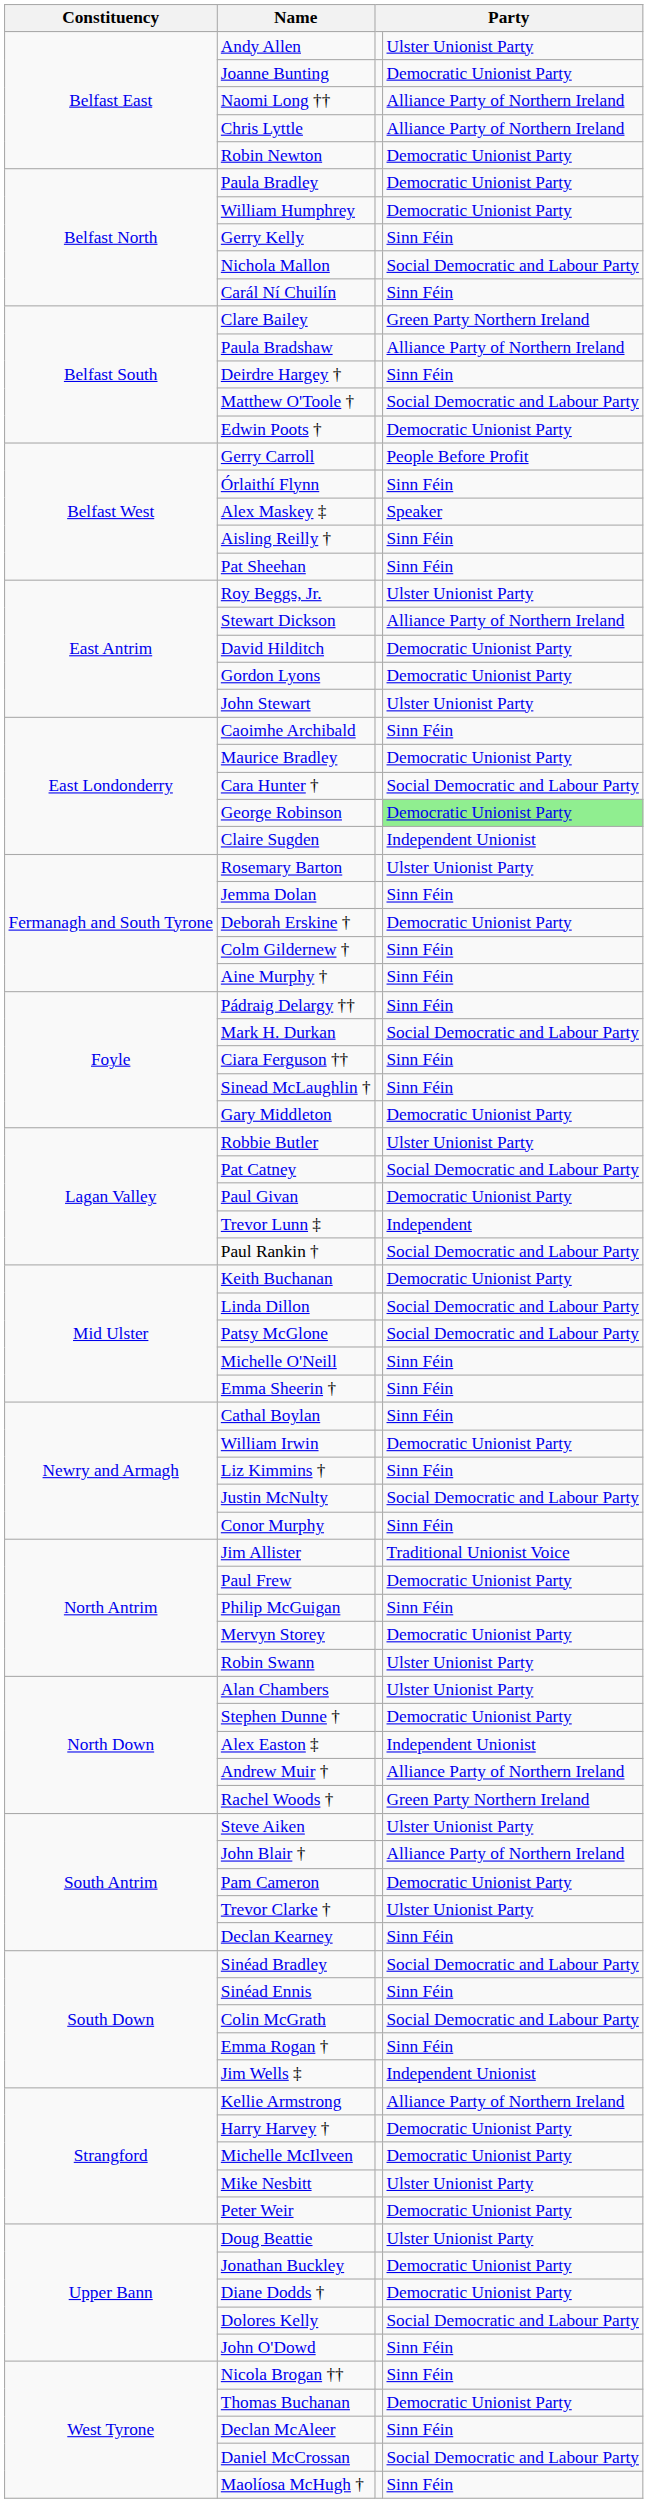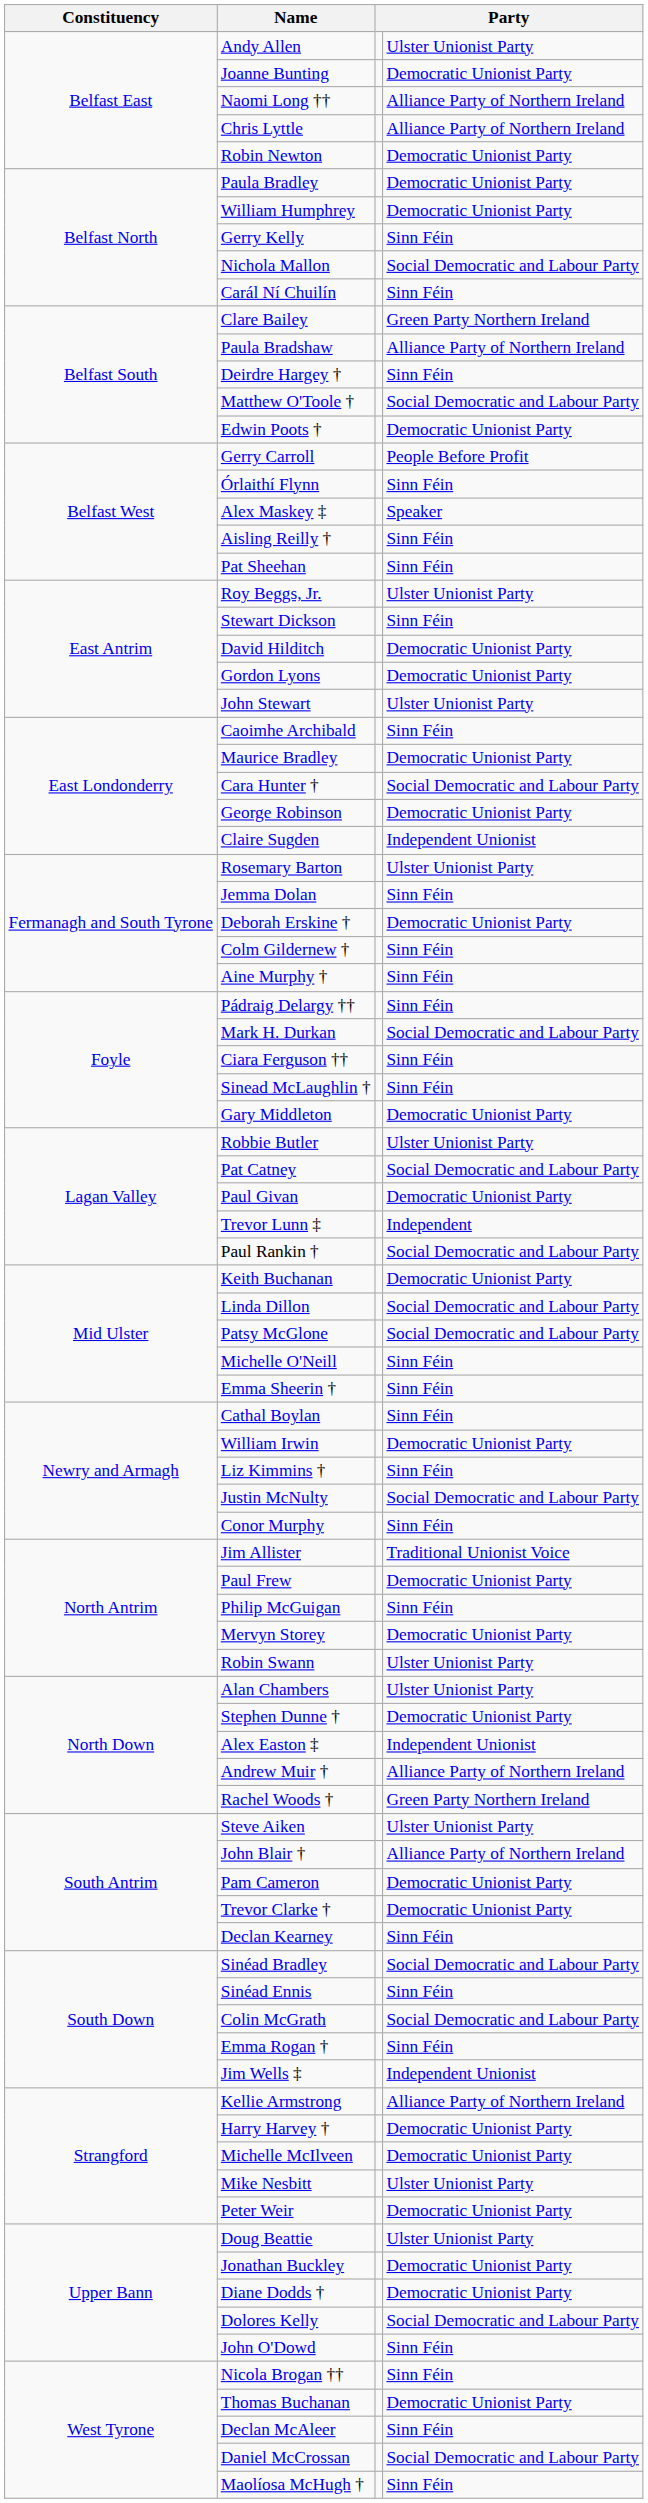 <table class="wikitable">
 <tr>
 <th>Constituency</th>
 <th>Name</th>
 <th colspan="2">Party</th>
 </tr>
 <tr>
 <td rowspan="5" style="text-align:center;"><a href='#'>Belfast East</a><br></td>
 <td><a href='#'>Andy Allen</a></td>
 <td style="background-color: "></td>
 <td><a href='#'>Ulster Unionist Party</a></td>
 </tr>
 <tr>
 <td><a href='#'>Joanne Bunting</a></td>
 <td style="background-color: "></td>
 <td><a href='#'>Democratic Unionist Party</a></td>
 </tr>
 <tr>
 <td><a href='#'>Naomi Long</a> ††</td>
 <td style="background-color: "></td>
 <td><a href='#'>Alliance Party of Northern Ireland</a></td>
 </tr>
 <tr>
 <td><a href='#'>Chris Lyttle</a></td>
 <td style="background-color: "></td>
 <td><a href='#'>Alliance Party of Northern Ireland</a></td>
 </tr>
 <tr>
 <td><a href='#'>Robin Newton</a></td>
 <td style="background-color: "></td>
 <td><a href='#'>Democratic Unionist Party</a></td>
 </tr>
 <tr>
 <td rowspan="5" style="text-align:center;"><a href='#'>Belfast North</a><br></td>
 <td><a href='#'>Paula Bradley</a></td>
 <td style="background-color: "></td>
 <td><a href='#'>Democratic Unionist Party</a></td>
 </tr>
 <tr>
 <td><a href='#'>William Humphrey</a></td>
 <td style="background-color: "></td>
 <td><a href='#'>Democratic Unionist Party</a></td>
 </tr>
 <tr>
 <td><a href='#'>Gerry Kelly</a></td>
 <td style="background-color: "></td>
 <td><a href='#'>Sinn Féin</a></td>
 </tr>
 <tr>
 <td><a href='#'>Nichola Mallon</a></td>
 <td style="background-color: "></td>
 <td><a href='#'>Social Democratic and Labour Party</a></td>
 </tr>
 <tr>
 <td><a href='#'>Carál Ní Chuilín</a></td>
 <td style="background-color: "></td>
 <td><a href='#'>Sinn Féin</a></td>
 </tr>
 <tr>
 <td rowspan="5" style="text-align:center;"><a href='#'>Belfast South</a><br></td>
 <td><a href='#'>Clare Bailey</a></td>
 <td style="background-color: "></td>
 <td><a href='#'>Green Party Northern Ireland</a></td>
 </tr>
 <tr>
 <td><a href='#'>Paula Bradshaw</a></td>
 <td style="background-color: "></td>
 <td><a href='#'>Alliance Party of Northern Ireland</a></td>
 </tr>
 <tr>
 <td><a href='#'>Deirdre Hargey</a> †</td>
 <td style="background-color: "></td>
 <td><a href='#'>Sinn Féin</a></td>
 </tr>
 <tr>
 <td><a href='#'>Matthew O'Toole</a> †</td>
 <td style="background-color: "></td>
 <td><a href='#'>Social Democratic and Labour Party</a></td>
 </tr>
 <tr>
 <td><a href='#'>Edwin Poots</a> †</td>
 <td style="background-color: "></td>
 <td><a href='#'>Democratic Unionist Party</a></td>
 </tr>
 <tr>
 <td rowspan="5" style="text-align:center;"><a href='#'>Belfast West</a><br></td>
 <td><a href='#'>Gerry Carroll</a></td>
 <td style="background-color: "></td>
 <td><a href='#'>People Before Profit</a></td>
 </tr>
 <tr>
 <td><a href='#'>Órlaithí Flynn</a></td>
 <td style="background-color: "></td>
 <td><a href='#'>Sinn Féin</a></td>
 </tr>
 <tr>
 <td><a href='#'>Alex Maskey</a> ‡</td>
 <td style="background-color: "></td>
 <td><a href='#'>Speaker</a></td>
 </tr>
 <tr>
 <td><a href='#'>Aisling Reilly</a> †</td>
 <td style="background-color: "></td>
 <td><a href='#'>Sinn Féin</a></td>
 </tr>
 <tr>
 <td><a href='#'>Pat Sheehan</a></td>
 <td style="background-color: "></td>
 <td><a href='#'>Sinn Féin</a></td>
 </tr>
 <tr>
 <td rowspan="5" style="text-align:center;"><a href='#'>East Antrim</a><br></td>
 <td><a href='#'>Roy Beggs, Jr.</a></td>
 <td style="background-color: "></td>
 <td><a href='#'>Ulster Unionist Party</a></td>
 </tr>
 <tr>
 <td><a href='#'>Stewart Dickson</a></td>
 <td style="background-color: "></td>
-<td><a href='#'>Alliance Party of Northern Ireland</a></td>
+<td><a href='#'>Sinn Féin</a></td>
 </tr>
 <tr>
 <td><a href='#'>David Hilditch</a></td>
 <td style="background-color: "></td>
 <td><a href='#'>Democratic Unionist Party</a></td>
 </tr>
 <tr>
 <td><a href='#'>Gordon Lyons</a></td>
 <td style="background-color: "></td>
 <td><a href='#'>Democratic Unionist Party</a></td>
 </tr>
 <tr>
 <td><a href='#'>John Stewart</a></td>
 <td style="background-color: "></td>
 <td><a href='#'>Ulster Unionist Party</a></td>
 </tr>
 <tr>
 <td rowspan="5" style="text-align:center;"><a href='#'>East Londonderry</a><br></td>
 <td><a href='#'>Caoimhe Archibald</a></td>
 <td style="background-color: "></td>
 <td><a href='#'>Sinn Féin</a></td>
 </tr>
 <tr>
 <td><a href='#'>Maurice Bradley</a></td>
 <td style="background-color: "></td>
 <td><a href='#'>Democratic Unionist Party</a></td>
 </tr>
 <tr>
 <td><a href='#'>Cara Hunter</a> †</td>
 <td style="background-color: "></td>
 <td><a href='#'>Social Democratic and Labour Party</a></td>
 </tr>
 <tr>
 <td><a href='#'>George Robinson</a></td>
 <td style="background-color: "></td>
-<td style="background: lightgreen;"><a href='#'>Democratic Unionist Party</a></td>
+<td><a href='#'>Democratic Unionist Party</a></td>
 </tr>
 <tr>
 <td><a href='#'>Claire Sugden</a></td>
 <td style="background-color: "></td>
 <td><a href='#'>Independent Unionist</a></td>
 </tr>
 <tr>
 <td rowspan="5" style="text-align:center;"><a href='#'>Fermanagh and South Tyrone</a><br></td>
 <td><a href='#'>Rosemary Barton</a></td>
 <td style="background-color: "></td>
 <td><a href='#'>Ulster Unionist Party</a></td>
 </tr>
 <tr>
 <td><a href='#'>Jemma Dolan</a></td>
 <td style="background-color: "></td>
 <td><a href='#'>Sinn Féin</a></td>
 </tr>
 <tr>
 <td><a href='#'>Deborah Erskine</a> †</td>
 <td style="background-color: "></td>
 <td><a href='#'>Democratic Unionist Party</a></td>
 </tr>
 <tr>
 <td><a href='#'>Colm Gildernew</a> †</td>
 <td style="background-color: "></td>
 <td><a href='#'>Sinn Féin</a></td>
 </tr>
 <tr>
 <td><a href='#'>Aine Murphy</a> †</td>
 <td style="background-color: "></td>
 <td><a href='#'>Sinn Féin</a></td>
 </tr>
 <tr>
 <td rowspan="5" style="text-align:center;"><a href='#'>Foyle</a><br></td>
 <td><a href='#'>Pádraig Delargy</a> ††</td>
 <td style="background-color: "></td>
 <td><a href='#'>Sinn Féin</a></td>
 </tr>
 <tr>
 <td><a href='#'>Mark H. Durkan</a></td>
 <td style="background-color: "></td>
 <td><a href='#'>Social Democratic and Labour Party</a></td>
 </tr>
 <tr>
 <td><a href='#'>Ciara Ferguson</a> ††</td>
 <td style="background-color: "></td>
 <td><a href='#'>Sinn Féin</a></td>
 </tr>
 <tr>
 <td><a href='#'>Sinead McLaughlin</a> †</td>
 <td style="background-color: "></td>
 <td><a href='#'>Sinn Féin</a></td>
 </tr>
 <tr>
 <td><a href='#'>Gary Middleton</a></td>
 <td style="background-color: "></td>
 <td><a href='#'>Democratic Unionist Party</a></td>
 </tr>
 <tr>
 <td rowspan="5" style="text-align:center;"><a href='#'>Lagan Valley</a><br></td>
 <td><a href='#'>Robbie Butler</a></td>
 <td style="background-color: "></td>
 <td><a href='#'>Ulster Unionist Party</a></td>
 </tr>
 <tr>
 <td><a href='#'>Pat Catney</a></td>
 <td style="background-color: "></td>
 <td><a href='#'>Social Democratic and Labour Party</a></td>
 </tr>
 <tr>
 <td><a href='#'>Paul Givan</a></td>
 <td style="background-color: "></td>
 <td><a href='#'>Democratic Unionist Party</a></td>
 </tr>
 <tr>
 <td><a href='#'>Trevor Lunn</a> ‡</td>
 <td style="background-color: "></td>
 <td><a href='#'>Independent</a></td>
 </tr>
 <tr>
 <td>Paul Rankin †</td>
 <td style="background-color: "></td>
 <td><a href='#'>Social Democratic and Labour Party</a></td>
 </tr>
 <tr>
 <td rowspan="5" style="text-align:center;"><a href='#'>Mid Ulster</a><br></td>
 <td><a href='#'>Keith Buchanan</a></td>
 <td style="background-color: "></td>
 <td><a href='#'>Democratic Unionist Party</a></td>
 </tr>
 <tr>
 <td><a href='#'>Linda Dillon</a></td>
 <td style="background-color: "></td>
 <td><a href='#'>Social Democratic and Labour Party</a></td>
 </tr>
 <tr>
 <td><a href='#'>Patsy McGlone</a></td>
 <td style="background-color: "></td>
 <td><a href='#'>Social Democratic and Labour Party</a></td>
 </tr>
 <tr>
 <td><a href='#'>Michelle O'Neill</a></td>
 <td style="background-color: "></td>
 <td><a href='#'>Sinn Féin</a></td>
 </tr>
 <tr>
 <td><a href='#'>Emma Sheerin</a> †</td>
 <td style="background-color: "></td>
 <td><a href='#'>Sinn Féin</a></td>
 </tr>
 <tr>
 <td rowspan="5" style="text-align:center;"><a href='#'>Newry and Armagh</a><br></td>
 <td><a href='#'>Cathal Boylan</a></td>
 <td style="background-color: "></td>
 <td><a href='#'>Sinn Féin</a></td>
 </tr>
 <tr>
 <td><a href='#'>William Irwin</a></td>
 <td style="background-color: "></td>
 <td><a href='#'>Democratic Unionist Party</a></td>
 </tr>
 <tr>
 <td><a href='#'>Liz Kimmins</a> †</td>
 <td style="background-color: "></td>
 <td><a href='#'>Sinn Féin</a></td>
 </tr>
 <tr>
 <td><a href='#'>Justin McNulty</a></td>
 <td style="background-color: "></td>
 <td><a href='#'>Social Democratic and Labour Party</a></td>
 </tr>
 <tr>
 <td><a href='#'>Conor Murphy</a></td>
 <td style="background-color: "></td>
 <td><a href='#'>Sinn Féin</a></td>
 </tr>
 <tr>
 <td rowspan="5" style="text-align:center;"><a href='#'>North Antrim</a><br></td>
 <td><a href='#'>Jim Allister</a></td>
 <td style="background-color: "></td>
 <td><a href='#'>Traditional Unionist Voice</a></td>
 </tr>
 <tr>
 <td><a href='#'>Paul Frew</a></td>
 <td style="background-color: "></td>
 <td><a href='#'>Democratic Unionist Party</a></td>
 </tr>
 <tr>
 <td><a href='#'>Philip McGuigan</a></td>
 <td style="background-color: "></td>
 <td><a href='#'>Sinn Féin</a></td>
 </tr>
 <tr>
 <td><a href='#'>Mervyn Storey</a></td>
 <td style="background-color: "></td>
 <td><a href='#'>Democratic Unionist Party</a></td>
 </tr>
 <tr>
 <td><a href='#'>Robin Swann</a></td>
 <td style="background-color: "></td>
 <td><a href='#'>Ulster Unionist Party</a></td>
 </tr>
 <tr>
 <td rowspan="5" style="text-align:center;"><a href='#'>North Down</a><br></td>
 <td><a href='#'>Alan Chambers</a></td>
 <td style="background-color: "></td>
 <td><a href='#'>Ulster Unionist Party</a></td>
 </tr>
 <tr>
 <td><a href='#'>Stephen Dunne</a> †</td>
 <td style="background-color: "></td>
 <td><a href='#'>Democratic Unionist Party</a></td>
 </tr>
 <tr>
 <td><a href='#'>Alex Easton</a> ‡</td>
 <td style="background-color: "></td>
 <td><a href='#'>Independent Unionist</a></td>
 </tr>
 <tr>
 <td><a href='#'>Andrew Muir</a> †</td>
 <td style="background-color: "></td>
 <td><a href='#'>Alliance Party of Northern Ireland</a></td>
 </tr>
 <tr>
 <td><a href='#'>Rachel Woods</a> †</td>
 <td style="background-color: "></td>
 <td><a href='#'>Green Party Northern Ireland</a></td>
 </tr>
 <tr>
 <td rowspan="5" style="text-align:center;"><a href='#'>South Antrim</a><br></td>
 <td><a href='#'>Steve Aiken</a></td>
 <td style="background-color: "></td>
 <td><a href='#'>Ulster Unionist Party</a></td>
 </tr>
 <tr>
 <td><a href='#'>John Blair</a> †</td>
 <td style="background-color: "></td>
 <td><a href='#'>Alliance Party of Northern Ireland</a></td>
 </tr>
 <tr>
 <td><a href='#'>Pam Cameron</a></td>
 <td style="background-color: "></td>
 <td><a href='#'>Democratic Unionist Party</a></td>
 </tr>
 <tr>
 <td><a href='#'>Trevor Clarke</a> †</td>
 <td style="background-color: "></td>
-<td><a href='#'>Ulster Unionist Party</a></td>
+<td><a href='#'>Democratic Unionist Party</a></td>
 </tr>
 <tr>
 <td><a href='#'>Declan Kearney</a></td>
 <td style="background-color: "></td>
 <td><a href='#'>Sinn Féin</a></td>
 </tr>
 <tr>
 <td rowspan="5" style="text-align:center;"><a href='#'>South Down</a><br></td>
 <td><a href='#'>Sinéad Bradley</a></td>
 <td style="background-color: "></td>
 <td><a href='#'>Social Democratic and Labour Party</a></td>
 </tr>
 <tr>
 <td><a href='#'>Sinéad Ennis</a></td>
 <td style="background-color: "></td>
 <td><a href='#'>Sinn Féin</a></td>
 </tr>
 <tr>
 <td><a href='#'>Colin McGrath</a></td>
 <td style="background-color: "></td>
 <td><a href='#'>Social Democratic and Labour Party</a></td>
 </tr>
 <tr>
 <td><a href='#'>Emma Rogan</a> †</td>
 <td style="background-color: "></td>
 <td><a href='#'>Sinn Féin</a></td>
 </tr>
 <tr>
 <td><a href='#'>Jim Wells</a> ‡</td>
 <td style="background-color: "></td>
 <td><a href='#'>Independent Unionist</a></td>
 </tr>
 <tr>
 <td rowspan="5" style="text-align:center;"><a href='#'>Strangford</a><br></td>
 <td><a href='#'>Kellie Armstrong</a></td>
 <td style="background-color: "></td>
 <td><a href='#'>Alliance Party of Northern Ireland</a></td>
 </tr>
 <tr>
 <td><a href='#'>Harry Harvey</a> †</td>
 <td style="background-color: "></td>
 <td><a href='#'>Democratic Unionist Party</a></td>
 </tr>
 <tr>
 <td><a href='#'>Michelle McIlveen</a></td>
 <td style="background-color: "></td>
 <td><a href='#'>Democratic Unionist Party</a></td>
 </tr>
 <tr>
 <td><a href='#'>Mike Nesbitt</a></td>
 <td style="background-color: "></td>
 <td><a href='#'>Ulster Unionist Party</a></td>
 </tr>
 <tr>
 <td><a href='#'>Peter Weir</a></td>
 <td style="background-color: "></td>
 <td><a href='#'>Democratic Unionist Party</a></td>
 </tr>
 <tr>
 <td rowspan="5" style="text-align:center;"><a href='#'>Upper Bann</a><br></td>
 <td><a href='#'>Doug Beattie</a></td>
 <td style="background-color: "></td>
 <td><a href='#'>Ulster Unionist Party</a></td>
 </tr>
 <tr>
 <td><a href='#'>Jonathan Buckley</a></td>
 <td style="background-color: "></td>
 <td><a href='#'>Democratic Unionist Party</a></td>
 </tr>
 <tr>
 <td><a href='#'>Diane Dodds</a> †</td>
 <td style="background-color: "></td>
 <td><a href='#'>Democratic Unionist Party</a></td>
 </tr>
 <tr>
 <td><a href='#'>Dolores Kelly</a></td>
 <td style="background-color: "></td>
 <td><a href='#'>Social Democratic and Labour Party</a></td>
 </tr>
 <tr>
 <td><a href='#'>John O'Dowd</a></td>
 <td style="background-color: "></td>
 <td><a href='#'>Sinn Féin</a></td>
 </tr>
 <tr>
 <td rowspan="5" style="text-align:center;"><a href='#'>West Tyrone</a><br></td>
 <td><a href='#'>Nicola Brogan</a> ††</td>
 <td style="background-color: "></td>
 <td><a href='#'>Sinn Féin</a></td>
 </tr>
 <tr>
 <td><a href='#'>Thomas Buchanan</a></td>
 <td style="background-color: "></td>
 <td><a href='#'>Democratic Unionist Party</a></td>
 </tr>
 <tr>
 <td><a href='#'>Declan McAleer</a></td>
 <td style="background-color: "></td>
 <td><a href='#'>Sinn Féin</a></td>
 </tr>
 <tr>
 <td><a href='#'>Daniel McCrossan</a></td>
 <td style="background-color: "></td>
 <td><a href='#'>Social Democratic and Labour Party</a></td>
 </tr>
 <tr>
 <td><a href='#'>Maolíosa McHugh</a> †</td>
 <td style="background-color: "></td>
 <td><a href='#'>Sinn Féin</a></td>
 </tr>
 </table>
